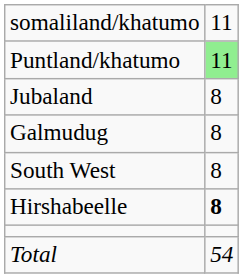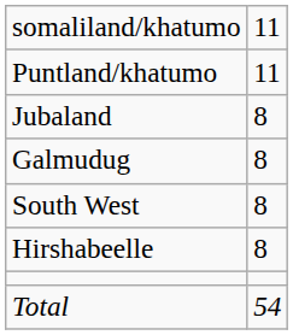 <table class="wikitable">
 <tr>
 <td>somaliland/khatumo</td>
 <td>11</td>
 </tr>
 <tr>
 <td>Puntland/khatumo</td>
-<td style="background: lightgreen;">11</td>
+<td>11</td>
 </tr>
 <tr>
 <td>Jubaland</td>
 <td>8</td>
 </tr>
 <tr>
 <td>Galmudug</td>
 <td>8</td>
 </tr>
 <tr>
 <td>South West</td>
 <td>8</td>
 </tr>
 <tr>
 <td>Hirshabeelle</td>
-<td><strong>8</strong></td>
+<td>8</td>
 </tr>
 <tr>
 <td></td>
 <td></td>
 </tr>
 <tr>
 <td><em>Total</em></td>
 <td><em>54</em></td>
 </tr>
 </table>
